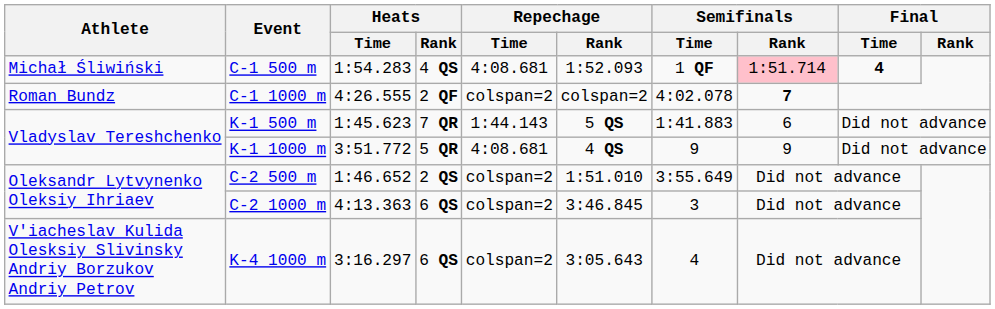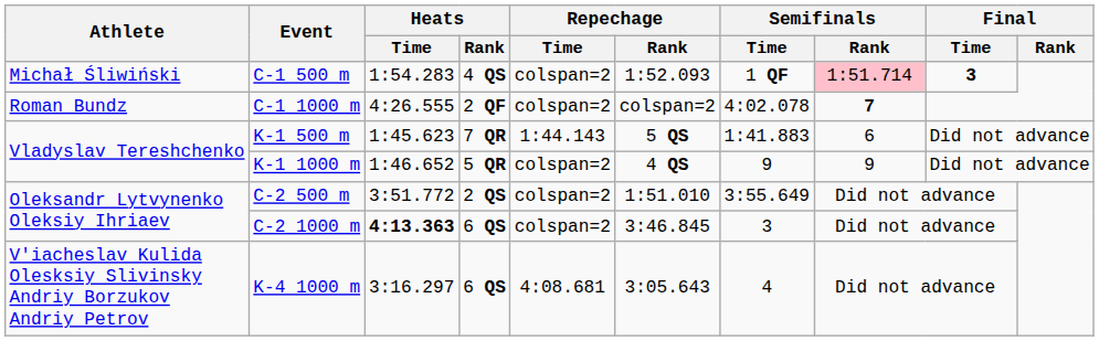 <table class=wikitable style="font-size:90%">
 <tr>
 <th rowspan="2">Athlete</th>
 <th rowspan="2">Event</th>
 <th colspan="2">Heats</th>
 <th colspan="2">Repechage</th>
 <th colspan="2">Semifinals</th>
 <th colspan="2">Final</th>
 </tr>
 <tr style="font-size:95%">
 <th>Time</th>
 <th>Rank</th>
 <th>Time</th>
 <th>Rank</th>
 <th>Time</th>
 <th>Rank</th>
 <th>Time</th>
 <th>Rank</th>
 </tr>
 <tr align=center>
 <td align=left><a href='#'>Michał Śliwiński</a></td>
 <td align=left><a href='#'>C-1 500 m</a></td>
 <td>1:54.283</td>
 <td>4 <strong>QS</strong></td>
-<td>4:08.681</td>
+<td>colspan=2 </td>
 <td>1:52.093</td>
 <td>1 <strong>QF</strong></td>
 <td style="background: pink;">1:51.714</td>
-<td><strong>4</strong></td>
+<td><strong>3</strong></td>
 </tr>
 <tr align=center>
 <td align=left><a href='#'>Roman Bundz</a></td>
 <td align=left><a href='#'>C-1 1000 m</a></td>
 <td>4:26.555</td>
 <td>2 <strong>QF</strong></td>
 <td>colspan=2 </td>
 <td>colspan=2 </td>
 <td>4:02.078</td>
 <td><strong>7</strong></td>
 </tr>
 <tr align=center>
 <td align=left rowspan=2><a href='#'>Vladyslav Tereshchenko</a></td>
 <td align=left><a href='#'>K-1 500 m</a></td>
 <td>1:45.623</td>
 <td>7 <strong>QR</strong></td>
 <td>1:44.143</td>
 <td>5 <strong>QS</strong></td>
 <td>1:41.883</td>
 <td>6</td>
 <td colspan=2>Did not advance</td>
 </tr>
 <tr align=center>
 <td align=left><a href='#'>K-1 1000 m</a></td>
-<td>3:51.772</td>
+<td>1:46.652</td>
 <td>5 <strong>QR</strong></td>
-<td>4:08.681</td>
+<td>colspan=2 </td>
 <td>4 <strong>QS</strong></td>
 <td>9</td>
 <td>9</td>
 <td colspan=2>Did not advance</td>
 </tr>
 <tr align=center>
 <td align=left rowspan=2><a href='#'>Oleksandr Lytvynenko</a> <br><a href='#'>Oleksiy Ihriaev</a></td>
 <td align=left><a href='#'>C-2 500 m</a></td>
-<td>1:46.652</td>
+<td>3:51.772</td>
 <td>2 <strong>QS</strong></td>
 <td>colspan=2 </td>
 <td>1:51.010</td>
 <td>3:55.649</td>
 <td colspan=2>Did not advance</td>
 </tr>
 <tr align=center>
 <td align=left><a href='#'>C-2 1000 m</a></td>
-<td>4:13.363</td>
+<td><strong>4:13.363</strong></td>
 <td>6 <strong>QS</strong></td>
 <td>colspan=2 </td>
 <td>3:46.845</td>
 <td>3</td>
 <td colspan=2>Did not advance</td>
 </tr>
 <tr align=center>
 <td align=left><a href='#'>V'iacheslav Kulida</a> <br><a href='#'>Olesksiy Slivinsky</a><br><a href='#'>Andriy Borzukov</a><br><a href='#'>Andriy Petrov</a></td>
 <td align=left><a href='#'>K-4 1000 m</a></td>
 <td>3:16.297</td>
 <td>6 <strong>QS</strong></td>
-<td>colspan=2 </td>
+<td>4:08.681</td>
 <td>3:05.643</td>
 <td>4</td>
 <td colspan=2>Did not advance</td>
 </tr>
 </table>
